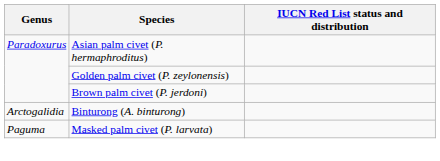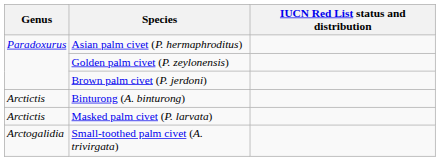 <table class="wikitable">
 <tr>
 <th>Genus</th>
 <th>Species</th>
 <th><a href='#'>IUCN Red List</a> status and distribution</th>
 </tr>
 <tr style="vertical-align:top;">
 <td rowspan="3"><em><a href='#'>Paradoxurus</a></em> </td>
 <td><a href='#'>Asian palm civet</a> (<em>P. hermaphroditus</em>) <br></td>
 <td><br></td>
 </tr>
 <tr style="vertical-align:top;">
 <td><a href='#'>Golden palm civet</a> (<em>P. zeylonensis</em>) <br></td>
 <td><br></td>
 </tr>
 <tr style="vertical-align:top;">
 <td><a href='#'>Brown palm civet</a> (<em>P. jerdoni</em>) <br></td>
 <td><br></td>
 </tr>
 <tr style="vertical-align:top;">
-<td><em>Arctogalidia</em> </td>
+<td><em>Arctictis</em> </td>
 <td><a href='#'>Binturong</a> (<em>A. binturong</em>) <br></td>
 <td><br></td>
 </tr>
 <tr style="vertical-align:top;">
-<td><em>Paguma</em> </td>
+<td><em>Arctictis</em> </td>
 <td><a href='#'>Masked palm civet</a> (<em>P. larvata</em>) <br></td>
 <td><br></td>
 </tr>
+<tr style="vertical-align:top;">
+<td><em>Arctogalidia</em> </td>
+<td><a href='#'>Small-toothed palm civet</a> (<em>A. trivirgata</em>) <br></td>
+<td><br></td>
+</tr>
 </table>
